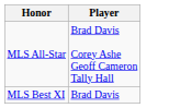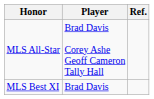 <table class="wikitable">
 <tr>
 <th>Honor</th>
 <th>Player</th>
+<th>Ref.</th>
 </tr>
 <tr>
 <td><a href='#'>MLS All-Star</a></td>
 <td> <a href='#'>Brad Davis</a><br><br> <a href='#'>Corey Ashe</a><br>  <a href='#'>Geoff Cameron</a><br>  <a href='#'>Tally Hall</a></td>
+<td></td>
 </tr>
 <tr>
 <td><a href='#'>MLS Best XI</a></td>
 <td> <a href='#'>Brad Davis</a></td>
+<td></td>
 </tr>
 </table>
